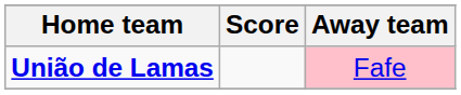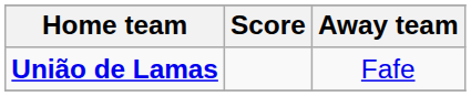 <table class="wikitable" style="text-align: center">
 <tr>
 </tr>
 <tr>
 <th>Home team</th>
 <th>Score</th>
 <th>Away team</th>
 </tr>
 <tr>
 <td><strong><a href='#'>União de Lamas</a></strong> </td>
 <td></td>
-<td style="background: pink;"><a href='#'>Fafe</a> </td>
+<td><a href='#'>Fafe</a> </td>
 </tr>
 <tr>
 </tr>
 </table>
